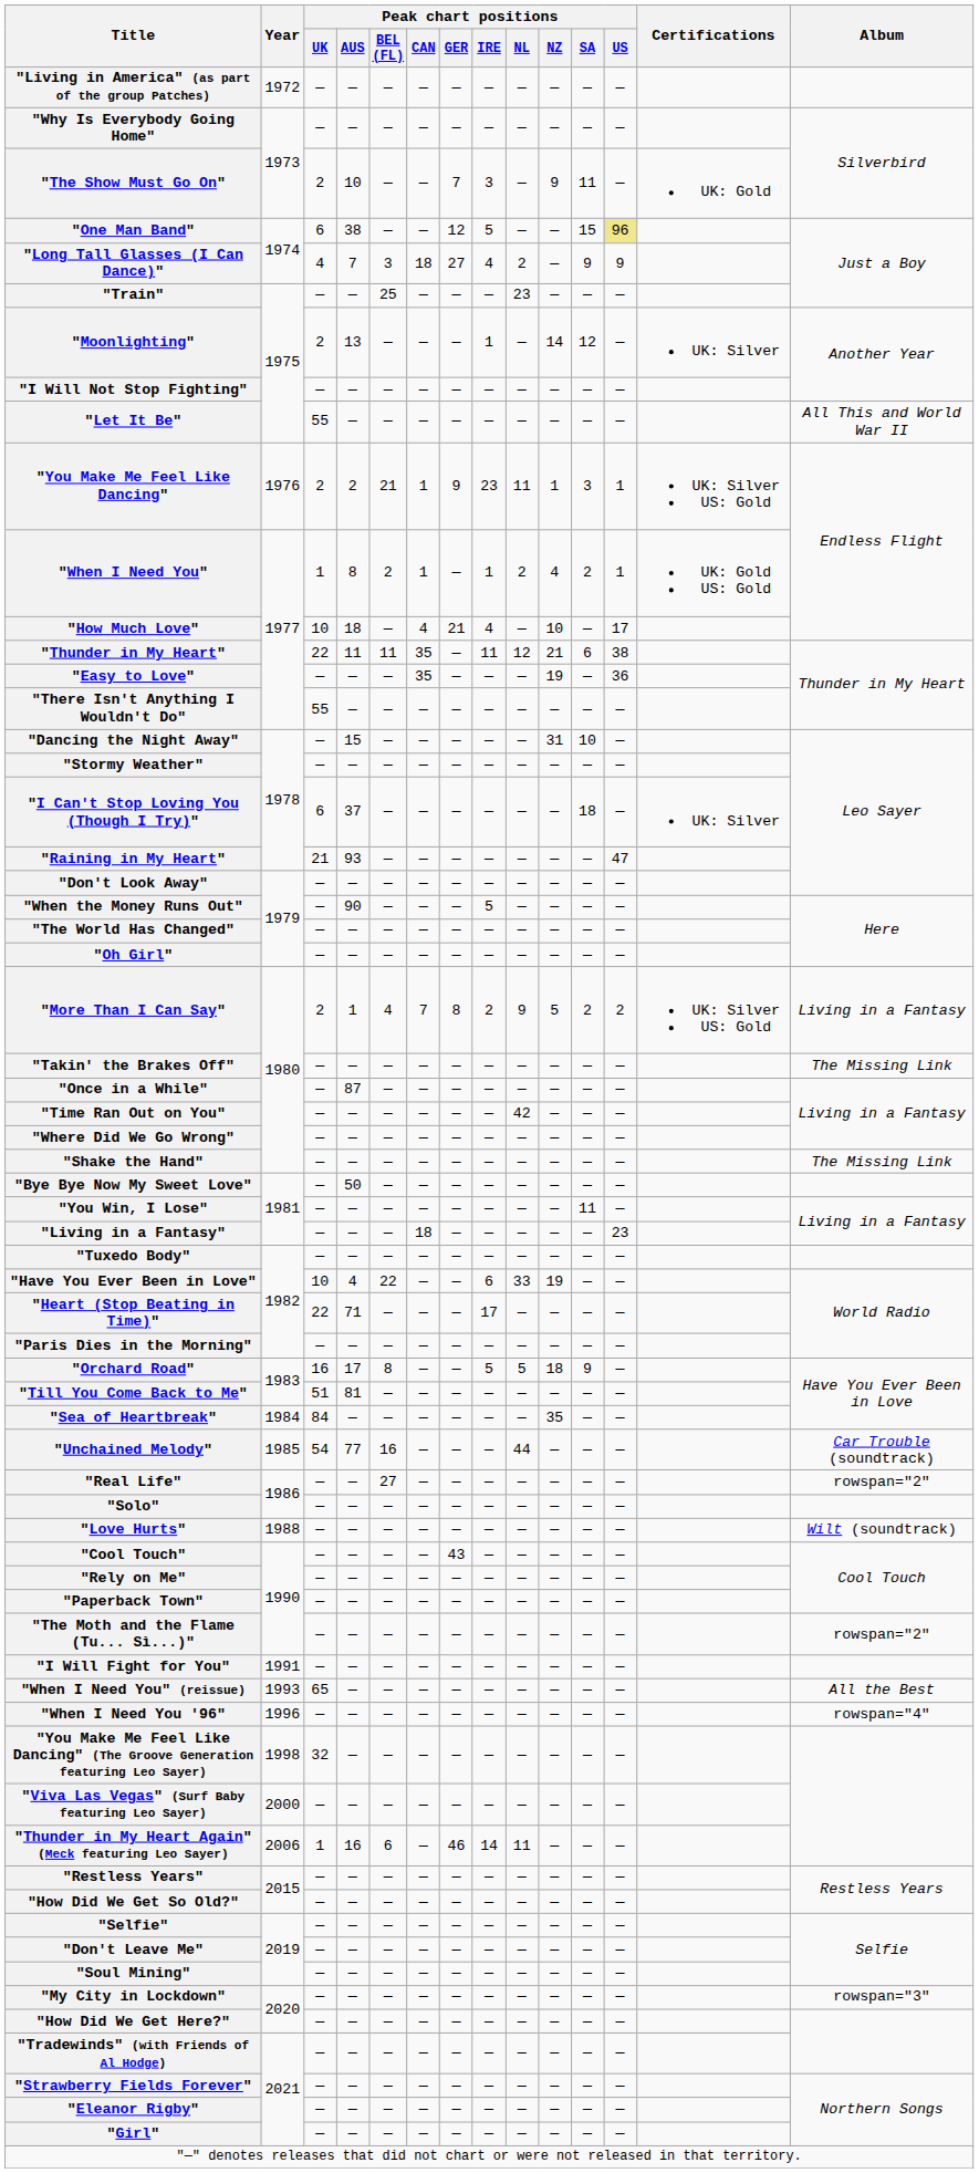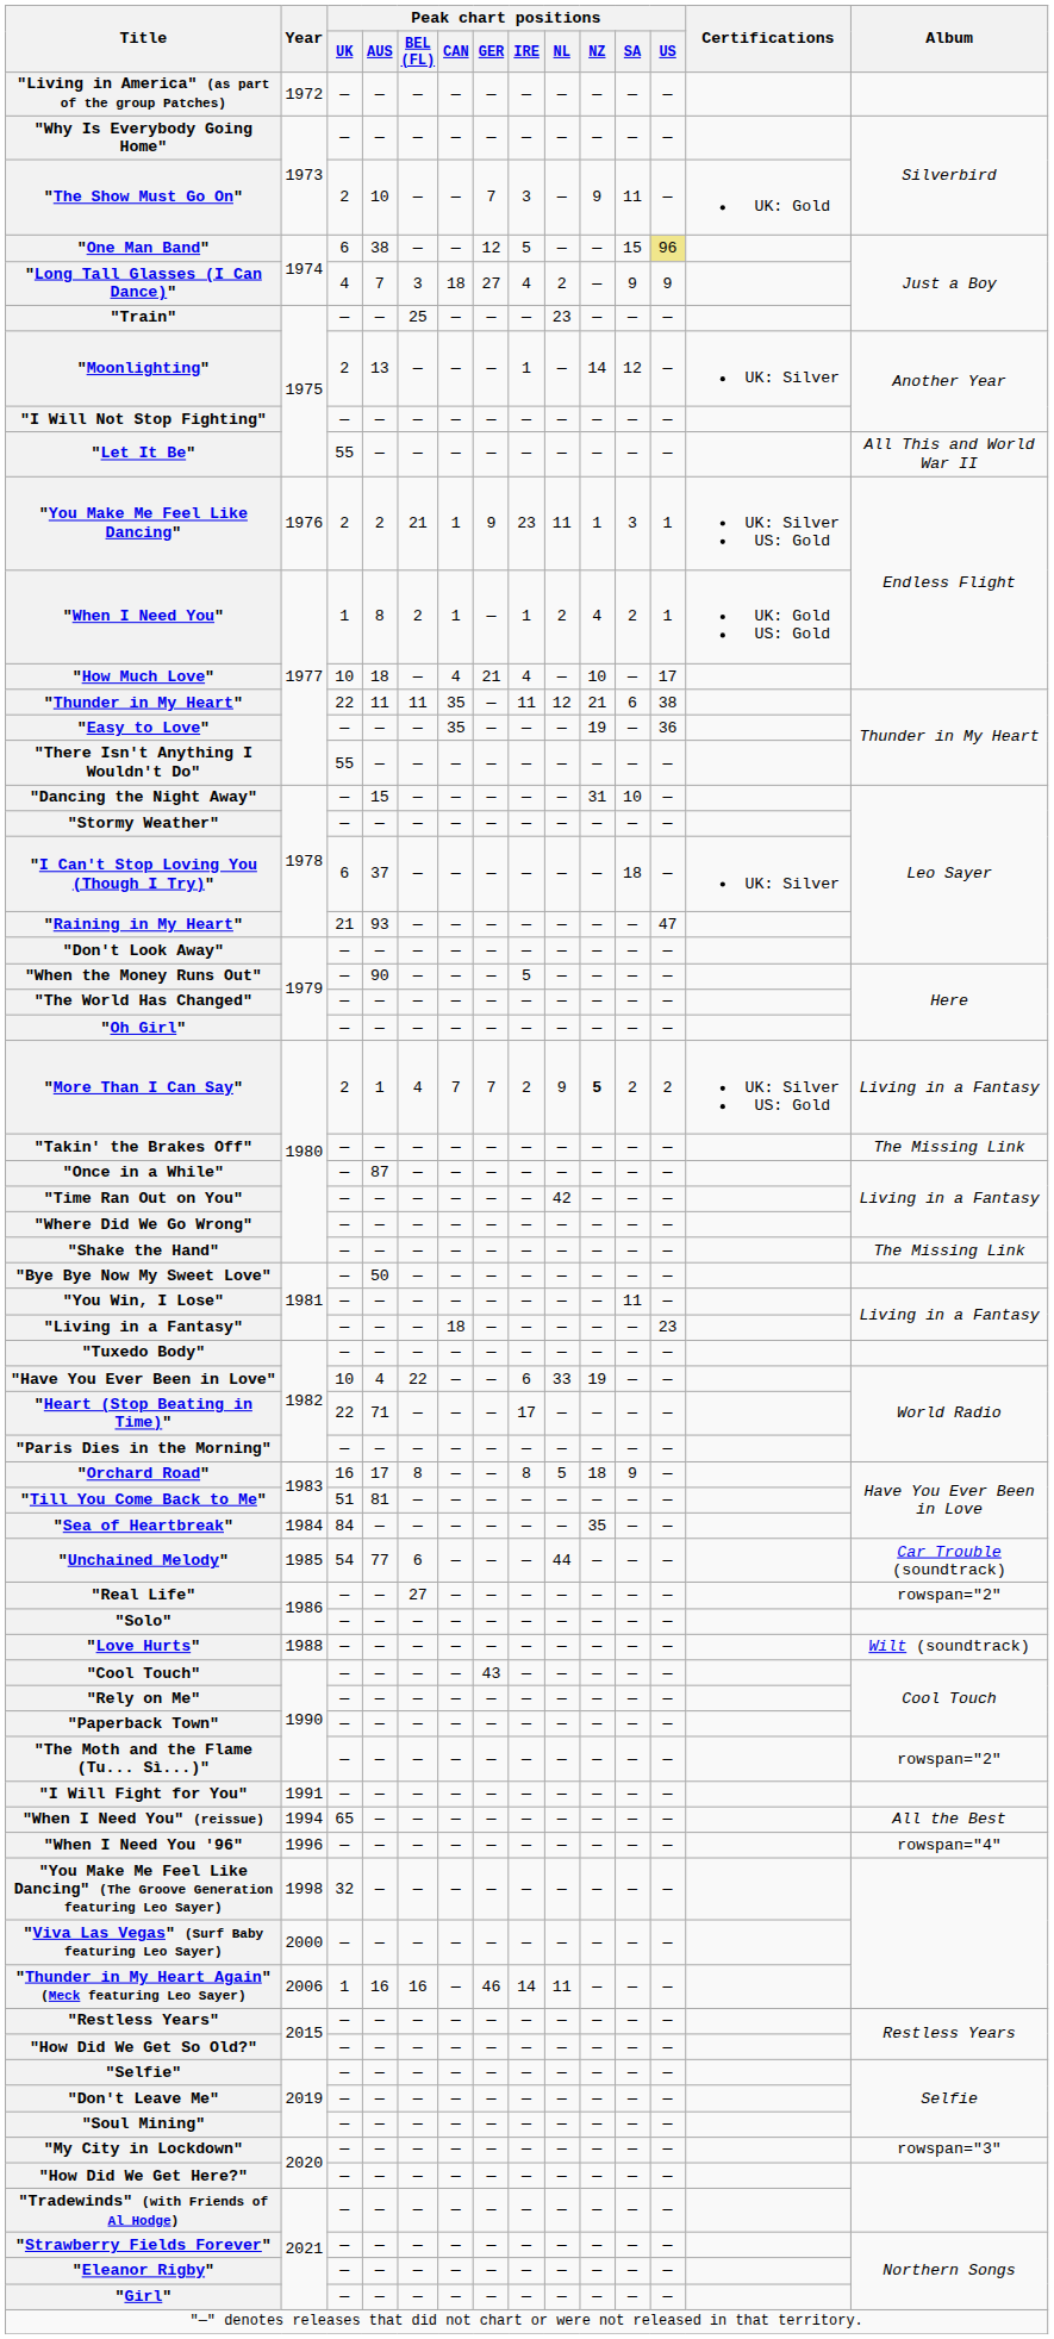 <table class="wikitable plainrowheaders" style="text-align:center;">
 <tr>
 <th rowspan="2" scope="col" style="width:17em;">Title</th>
 <th rowspan="2" scope="col" style="width:2em;">Year</th>
 <th colspan="10">Peak chart positions</th>
 <th rowspan="2" style="width:10em;">Certifications</th>
 <th rowspan="2" style="width:12em;">Album</th>
 </tr>
 <tr>
 <th scope="col" style="width:2em;font-size:90%;"><a href='#'>UK</a><br></th>
 <th scope="col" style="width:2em;font-size:90%;"><a href='#'>AUS</a><br></th>
 <th scope="col" style="width:2em;font-size:90%;"><a href='#'>BEL (FL)</a><br></th>
 <th scope="col" style="width:2em;font-size:90%;"><a href='#'>CAN</a><br></th>
 <th scope="col" style="width:2em;font-size:90%;"><a href='#'>GER</a><br></th>
 <th scope="col" style="width:2em;font-size:90%;"><a href='#'>IRE</a><br></th>
 <th scope="col" style="width:2em;font-size:90%;"><a href='#'>NL</a><br></th>
 <th scope="col" style="width:2em;font-size:90%;"><a href='#'>NZ</a><br></th>
 <th scope="col" style="width:2em;font-size:90%;"><a href='#'>SA</a><br></th>
 <th scope="col" style="width:2em;font-size:90%;"><a href='#'>US</a><br></th>
 </tr>
 <tr>
 <th scope="row">"Living in America" <small>(as part of the group Patches)</small></th>
 <td>1972</td>
 <td>—</td>
 <td>—</td>
 <td>—</td>
 <td>—</td>
 <td>—</td>
 <td>—</td>
 <td>—</td>
 <td>—</td>
 <td>—</td>
 <td>—</td>
 <td></td>
 <td></td>
 </tr>
 <tr>
 <th scope="row">"Why Is Everybody Going Home"</th>
 <td rowspan="2">1973</td>
 <td>—</td>
 <td>—</td>
 <td>—</td>
 <td>—</td>
 <td>—</td>
 <td>—</td>
 <td>—</td>
 <td>—</td>
 <td>—</td>
 <td>—</td>
 <td></td>
 <td rowspan="2"><em>Silverbird</em></td>
 </tr>
 <tr>
 <th scope="row">"<a href='#'>The Show Must Go On</a>"</th>
 <td>2</td>
 <td>10</td>
 <td>—</td>
 <td>—</td>
 <td>7</td>
 <td>3</td>
 <td>—</td>
 <td>9</td>
 <td>11</td>
 <td>—</td>
 <td><br><ul><li>UK: Gold</li></ul></td>
 </tr>
 <tr>
 <th scope="row">"<a href='#'>One Man Band</a>"</th>
 <td rowspan="2">1974</td>
 <td>6</td>
 <td>38</td>
 <td>—</td>
 <td>—</td>
 <td>12</td>
 <td>5</td>
 <td>—</td>
 <td>—</td>
 <td>15</td>
 <td style="background: khaki;">96</td>
 <td></td>
 <td rowspan="3"><em>Just a Boy</em></td>
 </tr>
 <tr>
 <th scope="row">"<a href='#'>Long Tall Glasses (I Can Dance)</a>"</th>
 <td>4</td>
 <td>7</td>
 <td>3</td>
 <td>18</td>
 <td>27</td>
 <td>4</td>
 <td>2</td>
 <td>—</td>
 <td>9</td>
 <td>9</td>
 <td></td>
 </tr>
 <tr>
 <th scope="row">"Train" </th>
 <td rowspan="4">1975</td>
 <td>—</td>
 <td>—</td>
 <td>25</td>
 <td>—</td>
 <td>—</td>
 <td>—</td>
 <td>23</td>
 <td>—</td>
 <td>—</td>
 <td>—</td>
 <td></td>
 </tr>
 <tr>
 <th scope="row">"<a href='#'>Moonlighting</a>"</th>
 <td>2</td>
 <td>13</td>
 <td>—</td>
 <td>—</td>
 <td>—</td>
 <td>1</td>
 <td>—</td>
 <td>14</td>
 <td>12</td>
 <td>—</td>
 <td><br><ul><li>UK: Silver</li></ul></td>
 <td rowspan="2"><em>Another Year</em></td>
 </tr>
 <tr>
 <th scope="row">"I Will Not Stop Fighting" </th>
 <td>—</td>
 <td>—</td>
 <td>—</td>
 <td>—</td>
 <td>—</td>
 <td>—</td>
 <td>—</td>
 <td>—</td>
 <td>—</td>
 <td>—</td>
 <td></td>
 </tr>
 <tr>
 <th scope="row">"<a href='#'>Let It Be</a>"</th>
 <td>55</td>
 <td>—</td>
 <td>—</td>
 <td>—</td>
 <td>—</td>
 <td>—</td>
 <td>—</td>
 <td>—</td>
 <td>—</td>
 <td>—</td>
 <td></td>
 <td><em>All This and World War II</em></td>
 </tr>
 <tr>
 <th scope="row">"<a href='#'>You Make Me Feel Like Dancing</a>"</th>
 <td>1976</td>
 <td>2</td>
 <td>2</td>
 <td>21</td>
 <td>1</td>
 <td>9</td>
 <td>23</td>
 <td>11</td>
 <td>1</td>
 <td>3</td>
 <td>1</td>
 <td><br><ul><li>UK: Silver</li><li>US: Gold</li></ul></td>
 <td rowspan="3"><em>Endless Flight</em></td>
 </tr>
 <tr>
 <th scope="row">"<a href='#'>When I Need You</a>"</th>
 <td rowspan="5">1977</td>
 <td>1</td>
 <td>8</td>
 <td>2</td>
 <td>1</td>
 <td>—</td>
 <td>1</td>
 <td>2</td>
 <td>4</td>
 <td>2</td>
 <td>1</td>
 <td><br><ul><li>UK: Gold</li><li>US: Gold</li></ul></td>
 </tr>
 <tr>
 <th scope="row">"<a href='#'>How Much Love</a>"</th>
 <td>10</td>
 <td>18</td>
 <td>—</td>
 <td>4</td>
 <td>21</td>
 <td>4</td>
 <td>—</td>
 <td>10</td>
 <td>—</td>
 <td>17</td>
 <td></td>
 </tr>
 <tr>
 <th scope="row">"<a href='#'>Thunder in My Heart</a>"</th>
 <td>22</td>
 <td>11</td>
 <td>11</td>
 <td>35</td>
 <td>—</td>
 <td>11</td>
 <td>12</td>
 <td>21</td>
 <td>6</td>
 <td>38</td>
 <td></td>
 <td rowspan="3"><em>Thunder in My Heart</em></td>
 </tr>
 <tr>
 <th scope="row">"<a href='#'>Easy to Love</a>" </th>
 <td>—</td>
 <td>—</td>
 <td>—</td>
 <td>35</td>
 <td>—</td>
 <td>—</td>
 <td>—</td>
 <td>19</td>
 <td>—</td>
 <td>36</td>
 <td></td>
 </tr>
 <tr>
 <th scope="row">"There Isn't Anything I Wouldn't Do"</th>
 <td>55</td>
 <td>—</td>
 <td>—</td>
 <td>—</td>
 <td>—</td>
 <td>—</td>
 <td>—</td>
 <td>—</td>
 <td>—</td>
 <td>—</td>
 <td></td>
 </tr>
 <tr>
 <th scope="row">"Dancing the Night Away"</th>
 <td rowspan="4">1978</td>
 <td>—</td>
 <td>15</td>
 <td>—</td>
 <td>—</td>
 <td>—</td>
 <td>—</td>
 <td>—</td>
 <td>31</td>
 <td>10</td>
 <td>—</td>
 <td></td>
 <td rowspan="5"><em>Leo Sayer</em></td>
 </tr>
 <tr>
 <th scope="row">"Stormy Weather" </th>
 <td>—</td>
 <td>—</td>
 <td>—</td>
 <td>—</td>
 <td>—</td>
 <td>—</td>
 <td>—</td>
 <td>—</td>
 <td>—</td>
 <td>—</td>
 <td></td>
 </tr>
 <tr>
 <th scope="row">"<a href='#'>I Can't Stop Loving You (Though I Try)</a>"</th>
 <td>6</td>
 <td>37</td>
 <td>—</td>
 <td>—</td>
 <td>—</td>
 <td>—</td>
 <td>—</td>
 <td>—</td>
 <td>18</td>
 <td>—</td>
 <td><br><ul><li>UK: Silver</li></ul></td>
 </tr>
 <tr>
 <th scope="row">"<a href='#'>Raining in My Heart</a>"</th>
 <td>21</td>
 <td>93</td>
 <td>—</td>
 <td>—</td>
 <td>—</td>
 <td>—</td>
 <td>—</td>
 <td>—</td>
 <td>—</td>
 <td>47</td>
 <td></td>
 </tr>
 <tr>
 <th scope="row">"Don't Look Away" </th>
 <td rowspan="4">1979</td>
 <td>—</td>
 <td>—</td>
 <td>—</td>
 <td>—</td>
 <td>—</td>
 <td>—</td>
 <td>—</td>
 <td>—</td>
 <td>—</td>
 <td>—</td>
 <td></td>
 </tr>
 <tr>
 <th scope="row">"When the Money Runs Out"</th>
 <td>—</td>
 <td>90</td>
 <td>—</td>
 <td>—</td>
 <td>—</td>
 <td>5</td>
 <td>—</td>
 <td>—</td>
 <td>—</td>
 <td>—</td>
 <td></td>
 <td rowspan="3"><em>Here</em></td>
 </tr>
 <tr>
 <th scope="row">"The World Has Changed"</th>
 <td>—</td>
 <td>—</td>
 <td>—</td>
 <td>—</td>
 <td>—</td>
 <td>—</td>
 <td>—</td>
 <td>—</td>
 <td>—</td>
 <td>—</td>
 <td></td>
 </tr>
 <tr>
 <th scope="row">"<a href='#'>Oh Girl</a>" </th>
 <td>—</td>
 <td>—</td>
 <td>—</td>
 <td>—</td>
 <td>—</td>
 <td>—</td>
 <td>—</td>
 <td>—</td>
 <td>—</td>
 <td>—</td>
 <td></td>
 </tr>
 <tr>
 <th scope="row">"<a href='#'>More Than I Can Say</a>"</th>
 <td rowspan="6">1980</td>
 <td>2</td>
 <td>1</td>
 <td>4</td>
 <td>7</td>
-<td>8</td>
+<td>7</td>
 <td>2</td>
 <td>9</td>
-<td>5</td>
+<td><strong>5</strong></td>
 <td>2</td>
 <td>2</td>
 <td><br><ul><li>UK: Silver</li><li>US: Gold</li></ul></td>
 <td><em>Living in a Fantasy</em></td>
 </tr>
 <tr>
 <th scope="row">"Takin' the Brakes Off" </th>
 <td>—</td>
 <td>—</td>
 <td>—</td>
 <td>—</td>
 <td>—</td>
 <td>—</td>
 <td>—</td>
 <td>—</td>
 <td>—</td>
 <td>—</td>
 <td></td>
 <td><em>The Missing Link</em></td>
 </tr>
 <tr>
 <th scope="row">"Once in a While"</th>
 <td>—</td>
 <td>87</td>
 <td>—</td>
 <td>—</td>
 <td>—</td>
 <td>—</td>
 <td>—</td>
 <td>—</td>
 <td>—</td>
 <td>—</td>
 <td></td>
 <td rowspan="3"><em>Living in a Fantasy</em></td>
 </tr>
 <tr>
 <th scope="row">"Time Ran Out on You" </th>
 <td>—</td>
 <td>—</td>
 <td>—</td>
 <td>—</td>
 <td>—</td>
 <td>—</td>
 <td>42</td>
 <td>—</td>
 <td>—</td>
 <td>—</td>
 <td></td>
 </tr>
 <tr>
 <th scope="row">"Where Did We Go Wrong"</th>
 <td>—</td>
 <td>—</td>
 <td>—</td>
 <td>—</td>
 <td>—</td>
 <td>—</td>
 <td>—</td>
 <td>—</td>
 <td>—</td>
 <td>—</td>
 <td></td>
 </tr>
 <tr>
 <th scope="row">"Shake the Hand" </th>
 <td>—</td>
 <td>—</td>
 <td>—</td>
 <td>—</td>
 <td>—</td>
 <td>—</td>
 <td>—</td>
 <td>—</td>
 <td>—</td>
 <td>—</td>
 <td></td>
 <td><em>The Missing Link</em></td>
 </tr>
 <tr>
 <th scope="row">"Bye Bye Now My Sweet Love"</th>
 <td rowspan="3">1981</td>
 <td>—</td>
 <td>50</td>
 <td>—</td>
 <td>—</td>
 <td>—</td>
 <td>—</td>
 <td>—</td>
 <td>—</td>
 <td>—</td>
 <td>—</td>
 <td></td>
 <td></td>
 </tr>
 <tr>
 <th scope="row">"You Win, I Lose" </th>
 <td>—</td>
 <td>—</td>
 <td>—</td>
 <td>—</td>
 <td>—</td>
 <td>—</td>
 <td>—</td>
 <td>—</td>
 <td>11</td>
 <td>—</td>
 <td></td>
 <td rowspan="2"><em>Living in a Fantasy</em></td>
 </tr>
 <tr>
 <th scope="row">"Living in a Fantasy"</th>
 <td>—</td>
 <td>—</td>
 <td>—</td>
 <td>18</td>
 <td>—</td>
 <td>—</td>
 <td>—</td>
 <td>—</td>
 <td>—</td>
 <td>23</td>
 <td></td>
 </tr>
 <tr>
 <th scope="row">"Tuxedo Body" </th>
 <td rowspan="4">1982</td>
 <td>—</td>
 <td>—</td>
 <td>—</td>
 <td>—</td>
 <td>—</td>
 <td>—</td>
 <td>—</td>
 <td>—</td>
 <td>—</td>
 <td>—</td>
 <td></td>
 <td></td>
 </tr>
 <tr>
 <th scope="row">"Have You Ever Been in Love"</th>
 <td>10</td>
 <td>4</td>
 <td>22</td>
 <td>—</td>
 <td>—</td>
 <td>6</td>
 <td>33</td>
 <td>19</td>
 <td>—</td>
 <td>—</td>
 <td></td>
 <td rowspan="3"><em>World Radio</em></td>
 </tr>
 <tr>
 <th scope="row">"<a href='#'>Heart (Stop Beating in Time)</a>"</th>
 <td>22</td>
 <td>71</td>
 <td>—</td>
 <td>—</td>
 <td>—</td>
 <td>17</td>
 <td>—</td>
 <td>—</td>
 <td>—</td>
 <td>—</td>
 <td></td>
 </tr>
 <tr>
 <th scope="row">"Paris Dies in the Morning" </th>
 <td>—</td>
 <td>—</td>
 <td>—</td>
 <td>—</td>
 <td>—</td>
 <td>—</td>
 <td>—</td>
 <td>—</td>
 <td>—</td>
 <td>—</td>
 <td></td>
 </tr>
 <tr>
 <th scope="row">"<a href='#'>Orchard Road</a>"</th>
 <td rowspan="2">1983</td>
 <td>16</td>
 <td>17</td>
 <td>8</td>
 <td>—</td>
 <td>—</td>
-<td>5</td>
+<td>8</td>
 <td>5</td>
 <td>18</td>
 <td>9</td>
 <td>—</td>
 <td></td>
 <td rowspan="3"><em>Have You Ever Been in Love</em></td>
 </tr>
 <tr>
 <th scope="row">"<a href='#'>Till You Come Back to Me</a>"</th>
 <td>51</td>
 <td>81</td>
 <td>—</td>
 <td>—</td>
 <td>—</td>
 <td>—</td>
 <td>—</td>
 <td>—</td>
 <td>—</td>
 <td>—</td>
 <td></td>
 </tr>
 <tr>
 <th scope="row">"<a href='#'>Sea of Heartbreak</a>"</th>
 <td>1984</td>
 <td>84</td>
 <td>—</td>
 <td>—</td>
 <td>—</td>
 <td>—</td>
 <td>—</td>
 <td>—</td>
 <td>35</td>
 <td>—</td>
 <td>—</td>
 <td></td>
 </tr>
 <tr>
 <th scope="row">"<a href='#'>Unchained Melody</a>"</th>
 <td>1985</td>
 <td>54</td>
 <td>77</td>
-<td>16</td>
+<td>6</td>
 <td>—</td>
 <td>—</td>
 <td>—</td>
 <td>44</td>
 <td>—</td>
 <td>—</td>
 <td>—</td>
 <td></td>
 <td><em><a href='#'>Car Trouble</a></em> (soundtrack)</td>
 </tr>
 <tr>
 <th scope="row">"Real Life"</th>
 <td rowspan="2">1986</td>
 <td>—</td>
 <td>—</td>
 <td>27</td>
 <td>—</td>
 <td>—</td>
 <td>—</td>
 <td>—</td>
 <td>—</td>
 <td>—</td>
 <td>—</td>
 <td></td>
 <td>rowspan="2" </td>
 </tr>
 <tr>
 <th scope="row">"Solo"</th>
 <td>—</td>
 <td>—</td>
 <td>—</td>
 <td>—</td>
 <td>—</td>
 <td>—</td>
 <td>—</td>
 <td>—</td>
 <td>—</td>
 <td>—</td>
 <td></td>
 </tr>
 <tr>
 <th scope="row">"<a href='#'>Love Hurts</a>"</th>
 <td>1988</td>
 <td>—</td>
 <td>—</td>
 <td>—</td>
 <td>—</td>
 <td>—</td>
 <td>—</td>
 <td>—</td>
 <td>—</td>
 <td>—</td>
 <td>—</td>
 <td></td>
 <td><em><a href='#'>Wilt</a></em> (soundtrack)</td>
 </tr>
 <tr>
 <th scope="row">"Cool Touch"</th>
 <td rowspan="4">1990</td>
 <td>—</td>
 <td>—</td>
 <td>—</td>
 <td>—</td>
 <td>43</td>
 <td>—</td>
 <td>—</td>
 <td>—</td>
 <td>—</td>
 <td>—</td>
 <td></td>
 <td rowspan="3"><em>Cool Touch</em></td>
 </tr>
 <tr>
 <th scope="row">"Rely on Me" </th>
 <td>—</td>
 <td>—</td>
 <td>—</td>
 <td>—</td>
 <td>—</td>
 <td>—</td>
 <td>—</td>
 <td>—</td>
 <td>—</td>
 <td>—</td>
 <td></td>
 </tr>
 <tr>
 <th scope="row">"Paperback Town" </th>
 <td>—</td>
 <td>—</td>
 <td>—</td>
 <td>—</td>
 <td>—</td>
 <td>—</td>
 <td>—</td>
 <td>—</td>
 <td>—</td>
 <td>—</td>
 <td></td>
 </tr>
 <tr>
 <th scope="row">"The Moth and the Flame (Tu... Sì...)" </th>
 <td>—</td>
 <td>—</td>
 <td>—</td>
 <td>—</td>
 <td>—</td>
 <td>—</td>
 <td>—</td>
 <td>—</td>
 <td>—</td>
 <td>—</td>
 <td></td>
 <td>rowspan="2" </td>
 </tr>
 <tr>
 <th scope="row">"I Will Fight for You" </th>
 <td>1991</td>
 <td>—</td>
 <td>—</td>
 <td>—</td>
 <td>—</td>
 <td>—</td>
 <td>—</td>
 <td>—</td>
 <td>—</td>
 <td>—</td>
 <td>—</td>
 <td></td>
 </tr>
 <tr>
 <th scope="row">"When I Need You" <small>(reissue)</small></th>
-<td>1993</td>
+<td>1994</td>
 <td>65</td>
 <td>—</td>
 <td>—</td>
 <td>—</td>
 <td>—</td>
 <td>—</td>
 <td>—</td>
 <td>—</td>
 <td>—</td>
 <td>—</td>
 <td></td>
 <td><em>All the Best</em></td>
 </tr>
 <tr>
 <th scope="row">"When I Need You '96" </th>
 <td>1996</td>
 <td>—</td>
 <td>—</td>
 <td>—</td>
 <td>—</td>
 <td>—</td>
 <td>—</td>
 <td>—</td>
 <td>—</td>
 <td>—</td>
 <td>—</td>
 <td></td>
 <td>rowspan="4" </td>
 </tr>
 <tr>
 <th scope="row">"You Make Me Feel Like Dancing" <small>(The Groove Generation featuring Leo Sayer)</small></th>
 <td>1998</td>
 <td>32</td>
 <td>—</td>
 <td>—</td>
 <td>—</td>
 <td>—</td>
 <td>—</td>
 <td>—</td>
 <td>—</td>
 <td>—</td>
 <td>—</td>
 <td></td>
 </tr>
 <tr>
 <th scope="row">"<a href='#'>Viva Las Vegas</a>" <small>(Surf Baby featuring Leo Sayer)</small> </th>
 <td>2000</td>
 <td>—</td>
 <td>—</td>
 <td>—</td>
 <td>—</td>
 <td>—</td>
 <td>—</td>
 <td>—</td>
 <td>—</td>
 <td>—</td>
 <td>—</td>
 <td></td>
 </tr>
 <tr>
 <th scope="row">"<a href='#'>Thunder in My Heart Again</a>" <small>(<a href='#'>Meck</a> featuring Leo Sayer)</small></th>
 <td>2006</td>
 <td>1</td>
 <td>16</td>
-<td>6</td>
+<td>16</td>
 <td>—</td>
 <td>46</td>
 <td>14</td>
 <td>11</td>
 <td>—</td>
 <td>—</td>
 <td>—</td>
 <td></td>
 </tr>
 <tr>
 <th scope="row">"Restless Years"</th>
 <td rowspan="2">2015</td>
 <td>—</td>
 <td>—</td>
 <td>—</td>
 <td>—</td>
 <td>—</td>
 <td>—</td>
 <td>—</td>
 <td>—</td>
 <td>—</td>
 <td>—</td>
 <td></td>
 <td rowspan="2"><em>Restless Years</em></td>
 </tr>
 <tr>
 <th scope="row">"How Did We Get So Old?"</th>
 <td>—</td>
 <td>—</td>
 <td>—</td>
 <td>—</td>
 <td>—</td>
 <td>—</td>
 <td>—</td>
 <td>—</td>
 <td>—</td>
 <td>—</td>
 <td></td>
 </tr>
 <tr>
 <th scope="row">"Selfie"</th>
 <td rowspan="3">2019</td>
 <td>—</td>
 <td>—</td>
 <td>—</td>
 <td>—</td>
 <td>—</td>
 <td>—</td>
 <td>—</td>
 <td>—</td>
 <td>—</td>
 <td>—</td>
 <td></td>
 <td rowspan="3"><em>Selfie</em></td>
 </tr>
 <tr>
 <th scope="row">"Don't Leave Me"</th>
 <td>—</td>
 <td>—</td>
 <td>—</td>
 <td>—</td>
 <td>—</td>
 <td>—</td>
 <td>—</td>
 <td>—</td>
 <td>—</td>
 <td>—</td>
 <td></td>
 </tr>
 <tr>
 <th scope="row">"Soul Mining"</th>
 <td>—</td>
 <td>—</td>
 <td>—</td>
 <td>—</td>
 <td>—</td>
 <td>—</td>
 <td>—</td>
 <td>—</td>
 <td>—</td>
 <td>—</td>
 <td></td>
 </tr>
 <tr>
 <th scope="row">"My City in Lockdown"</th>
 <td rowspan="2">2020</td>
 <td>—</td>
 <td>—</td>
 <td>—</td>
 <td>—</td>
 <td>—</td>
 <td>—</td>
 <td>—</td>
 <td>—</td>
 <td>—</td>
 <td>—</td>
 <td></td>
 <td>rowspan="3" </td>
 </tr>
 <tr>
 <th scope="row">"How Did We Get Here?"</th>
 <td>—</td>
 <td>—</td>
 <td>—</td>
 <td>—</td>
 <td>—</td>
 <td>—</td>
 <td>—</td>
 <td>—</td>
 <td>—</td>
 <td>—</td>
 <td></td>
 </tr>
 <tr>
 <th scope="row">"Tradewinds" <small>(with Friends of <a href='#'>Al Hodge</a>)</small></th>
 <td rowspan="4">2021</td>
 <td>—</td>
 <td>—</td>
 <td>—</td>
 <td>—</td>
 <td>—</td>
 <td>—</td>
 <td>—</td>
 <td>—</td>
 <td>—</td>
 <td>—</td>
 <td></td>
 </tr>
 <tr>
 <th scope="row">"<a href='#'>Strawberry Fields Forever</a>"</th>
 <td>—</td>
 <td>—</td>
 <td>—</td>
 <td>—</td>
 <td>—</td>
 <td>—</td>
 <td>—</td>
 <td>—</td>
 <td>—</td>
 <td>—</td>
 <td></td>
 <td rowspan="3"><em>Northern Songs</em></td>
 </tr>
 <tr>
 <th scope="row">"<a href='#'>Eleanor Rigby</a>"</th>
 <td>—</td>
 <td>—</td>
 <td>—</td>
 <td>—</td>
 <td>—</td>
 <td>—</td>
 <td>—</td>
 <td>—</td>
 <td>—</td>
 <td>—</td>
 <td></td>
 </tr>
 <tr>
 <th scope="row">"<a href='#'>Girl</a>"</th>
 <td>—</td>
 <td>—</td>
 <td>—</td>
 <td>—</td>
 <td>—</td>
 <td>—</td>
 <td>—</td>
 <td>—</td>
 <td>—</td>
 <td>—</td>
 <td></td>
 </tr>
 <tr>
 <td colspan="14" style="font-size:90%">"—" denotes releases that did not chart or were not released in that territory.</td>
 </tr>
 </table>
